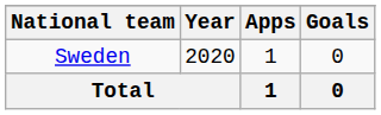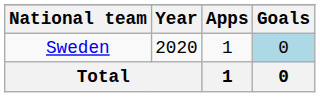 <table class="wikitable" style="text-align:center;">
 <tr>
 </tr>
 <tr>
 <th>National team</th>
 <th>Year</th>
 <th>Apps</th>
 <th>Goals</th>
 </tr>
 <tr>
 <td rowspan="1"><a href='#'>Sweden</a></td>
 <td>2020</td>
 <td>1</td>
-<td>0</td>
+<td style="background: lightblue;">0</td>
 </tr>
 <tr>
 <th colspan="2">Total</th>
 <th>1</th>
 <th>0</th>
 </tr>
 </table>
